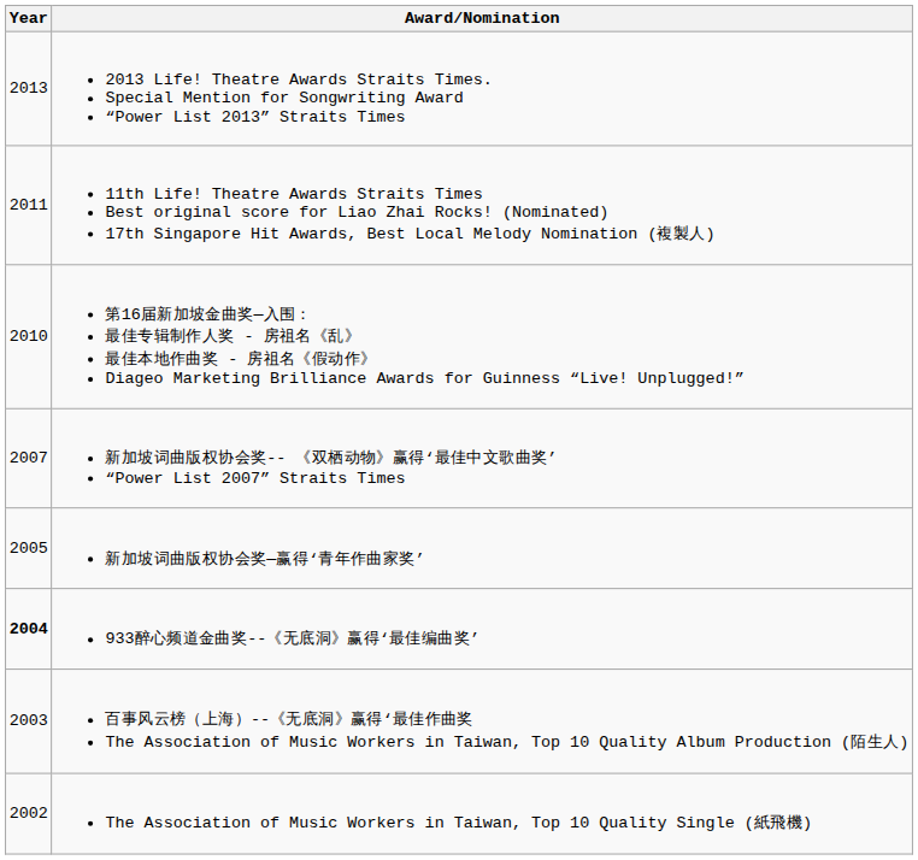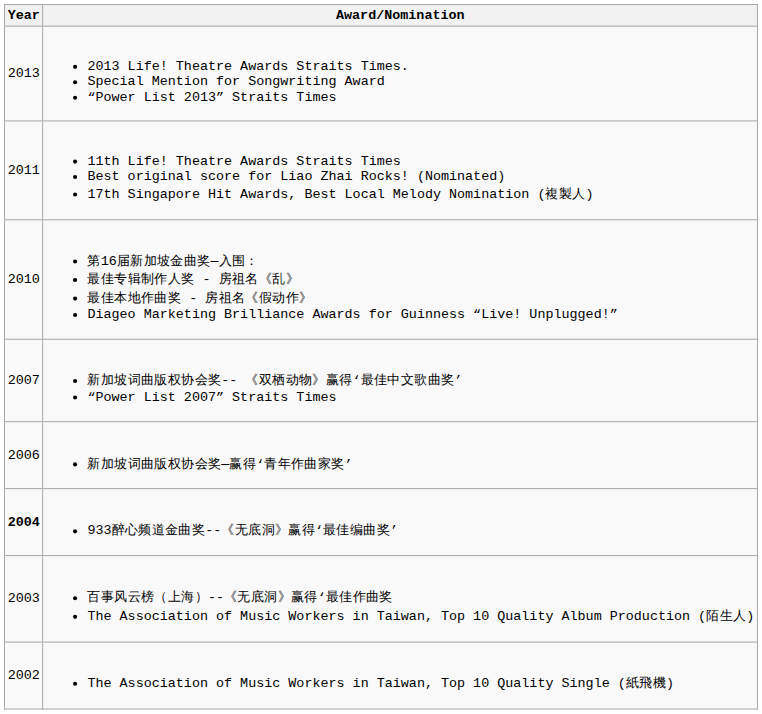 <table class="wikitable sortable">
 <tr>
 <th>Year</th>
 <th>Award/Nomination</th>
 </tr>
 <tr>
 <td>2013</td>
 <td><br><ul><li>2013 Life! Theatre Awards Straits Times.</li><li>Special Mention for Songwriting Award</li><li>“Power List 2013” Straits Times</li></ul></td>
 </tr>
 <tr>
 <td>2011</td>
 <td><br><ul><li>11th Life! Theatre Awards Straits Times</li><li>Best original score for Liao Zhai Rocks! (Nominated)</li><li>17th Singapore Hit Awards, Best Local Melody Nomination (複製人)</li></ul></td>
 </tr>
 <tr>
 <td>2010</td>
 <td><br><ul><li>第16届新加坡金曲奖—入围：</li><li>最佳专辑制作人奖 - 房祖名《乱》</li><li>最佳本地作曲奖 - 房祖名《假动作》</li><li>Diageo Marketing Brilliance Awards for Guinness “Live! Unplugged!”</li></ul></td>
 </tr>
 <tr>
 <td>2007</td>
 <td><br><ul><li>新加坡词曲版权协会奖-- 《双栖动物》赢得‘最佳中文歌曲奖’</li><li>“Power List 2007” Straits Times</li></ul></td>
 </tr>
 <tr>
-<td>2005</td>
+<td>2006</td>
 <td><br><ul><li>新加坡词曲版权协会奖—赢得‘青年作曲家奖’</li></ul></td>
 </tr>
 <tr>
 <td><strong>2004</strong></td>
 <td><br><ul><li>933醉心频道金曲奖--《无底洞》赢得‘最佳编曲奖’</li></ul></td>
 </tr>
 <tr>
 <td>2003</td>
 <td><br><ul><li>百事风云榜（上海）--《无底洞》赢得‘最佳作曲奖</li><li>The Association of Music Workers in Taiwan, Top 10 Quality Album Production (陌生人)</li></ul></td>
 </tr>
 <tr>
 <td>2002</td>
 <td><br><ul><li>The Association of Music Workers in Taiwan, Top 10 Quality Single (紙飛機)</li></ul></td>
 </tr>
 </table>
